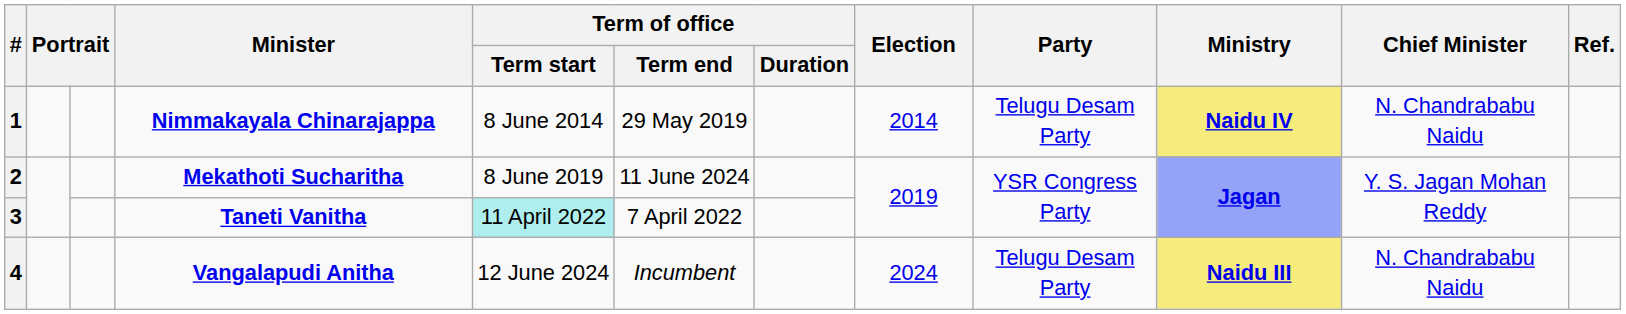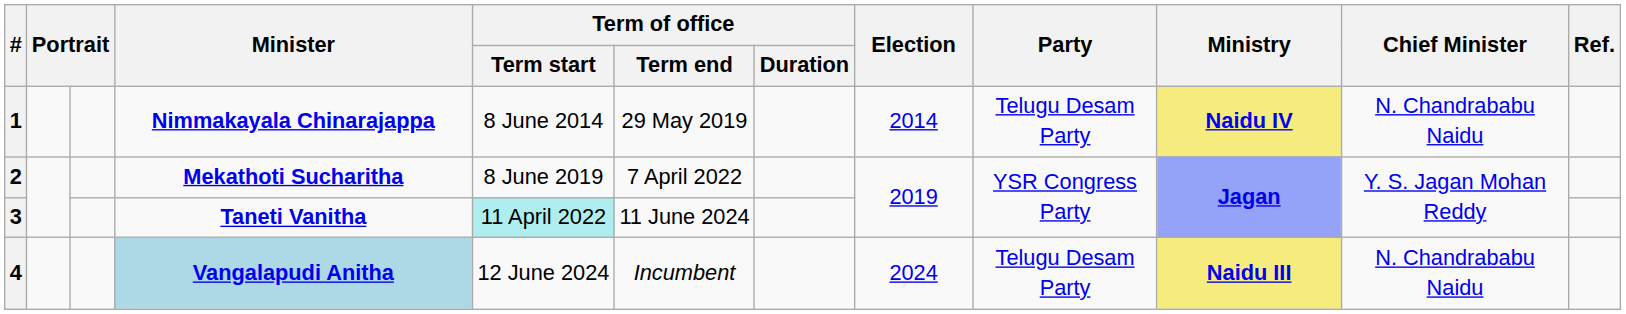 <table class="wikitable" style="line-height:1.4em; text-align:center">
 <tr>
 <th rowspan=2>#</th>
 <th rowspan=2 colspan="2">Portrait</th>
 <th rowspan=2 style="width:16em">Minister<br></th>
 <th colspan="3">Term of office</th>
 <th rowspan=2 style="width:5em">Election<br></th>
 <th rowspan=2 style="width:8em">Party</th>
 <th rowspan=2 style="width:8em">Ministry</th>
 <th rowspan=2 style="width:10em">Chief Minister</th>
 <th rowspan=2>Ref.</th>
 </tr>
 <tr>
 <th>Term start</th>
 <th>Term end</th>
 <th>Duration</th>
 </tr>
 <tr>
 <th>1</th>
 <td></td>
 <td></td>
 <td><strong><a href='#'>Nimmakayala Chinarajappa</a></strong><br></td>
 <td>8 June 2014</td>
 <td>29 May 2019</td>
 <td><strong></strong></td>
 <td><a href='#'>2014</a><br></td>
 <td><a href='#'>Telugu Desam Party</a></td>
 <td bgcolor="#F5EC7D"><strong><a href='#'>Naidu IV</a></strong></td>
 <td><a href='#'>N. Chandrababu Naidu</a></td>
 <td></td>
 </tr>
 <tr>
 <th>2</th>
 <td rowspan=2></td>
 <td></td>
 <td><strong><a href='#'>Mekathoti Sucharitha</a></strong><br></td>
 <td>8 June 2019</td>
-<td>11 June 2024</td>
+<td>7 April 2022</td>
 <td><strong></strong></td>
 <td rowspan=2><a href='#'>2019</a><br></td>
 <td rowspan="2"><a href='#'>YSR Congress Party</a></td>
 <td rowspan=2 bgcolor="#94A2F7"><strong><a href='#'>Jagan</a></strong></td>
 <td rowspan="2"><a href='#'>Y. S. Jagan Mohan Reddy</a></td>
 <td></td>
 </tr>
 <tr>
 <th>3</th>
 <td></td>
 <td><strong><a href='#'>Taneti Vanitha</a></strong><br></td>
 <td style="background: paleturquoise;">11 April 2022</td>
-<td>7 April 2022</td>
+<td>11 June 2024</td>
 <td><strong></strong></td>
 <td></td>
 </tr>
 <tr>
 <th>4</th>
 <td></td>
 <td></td>
-<td><strong><a href='#'>Vangalapudi Anitha</a></strong><br></td>
+<td style="background: lightblue;"><strong><a href='#'>Vangalapudi Anitha</a></strong><br></td>
 <td>12 June 2024</td>
 <td><em>Incumbent</em></td>
 <td><strong></strong></td>
 <td><a href='#'>2024</a><br></td>
 <td><a href='#'>Telugu Desam Party</a></td>
 <td bgcolor="#F5EC7D"><strong><a href='#'>Naidu III</a></strong></td>
 <td><a href='#'>N. Chandrababu Naidu</a></td>
 <td></td>
 </tr>
 </table>
